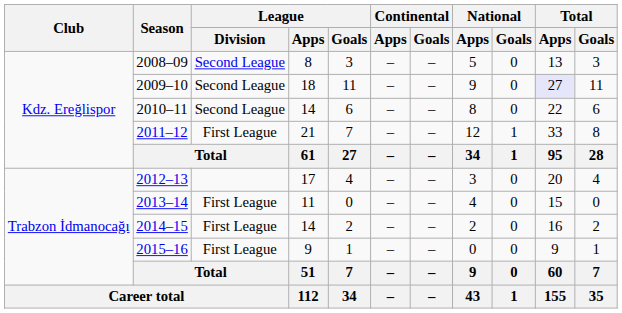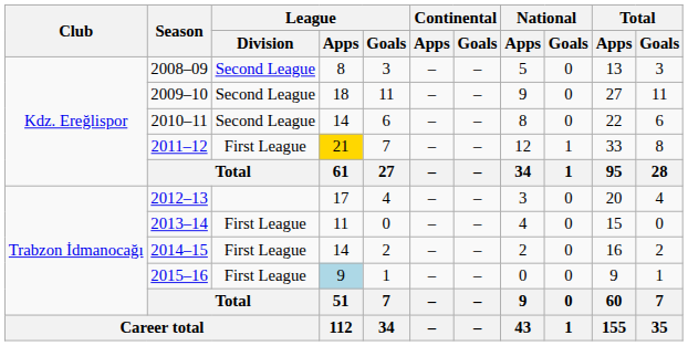 <table class="wikitable" style="text-align: center;">
 <tr>
 <th rowspan="2">Club</th>
 <th rowspan="2">Season</th>
 <th colspan="3">League</th>
 <th colspan="2">Continental</th>
 <th colspan="2">National</th>
 <th colspan="2">Total</th>
 </tr>
 <tr>
 <th>Division</th>
 <th>Apps</th>
 <th>Goals</th>
 <th>Apps</th>
 <th>Goals</th>
 <th>Apps</th>
 <th>Goals</th>
 <th>Apps</th>
 <th>Goals</th>
 </tr>
 <tr>
 <td rowspan=5><a href='#'>Kdz. Ereğlispor</a></td>
 <td>2008–09</td>
 <td><a href='#'>Second League</a></td>
 <td>8</td>
 <td>3</td>
 <td>–</td>
 <td>–</td>
 <td>5</td>
 <td>0</td>
 <td>13</td>
 <td>3</td>
 </tr>
 <tr>
 <td>2009–10</td>
 <td>Second League</td>
 <td>18</td>
 <td>11</td>
 <td>–</td>
 <td>–</td>
 <td>9</td>
 <td>0</td>
-<td style="background: lavender;">27</td>
+<td>27</td>
 <td>11</td>
 </tr>
 <tr>
 <td>2010–11</td>
 <td>Second League</td>
 <td>14</td>
 <td>6</td>
 <td>–</td>
 <td>–</td>
 <td>8</td>
 <td>0</td>
 <td>22</td>
 <td>6</td>
 </tr>
 <tr>
 <td><a href='#'>2011–12</a></td>
 <td>First League</td>
-<td>21</td>
+<td style="background: gold;">21</td>
 <td>7</td>
 <td>–</td>
 <td>–</td>
 <td>12</td>
 <td>1</td>
 <td>33</td>
 <td>8</td>
 </tr>
 <tr>
 <th colspan=2>Total</th>
 <th>61</th>
 <th>27</th>
 <th>–</th>
 <th>–</th>
 <th>34</th>
 <th>1</th>
 <th>95</th>
 <th>28</th>
 </tr>
 <tr>
 <td rowspan=5><a href='#'>Trabzon İdmanocağı</a></td>
 <td><a href='#'>2012–13</a></td>
 <td First League></td>
 <td>17</td>
 <td>4</td>
 <td>–</td>
 <td>–</td>
 <td>3</td>
 <td>0</td>
 <td>20</td>
 <td>4</td>
 </tr>
 <tr>
 <td><a href='#'>2013–14</a></td>
 <td>First League</td>
 <td>11</td>
 <td>0</td>
 <td>–</td>
 <td>–</td>
 <td>4</td>
 <td>0</td>
 <td>15</td>
 <td>0</td>
 </tr>
 <tr>
 <td><a href='#'>2014–15</a></td>
 <td>First League</td>
 <td>14</td>
 <td>2</td>
 <td>–</td>
 <td>–</td>
 <td>2</td>
 <td>0</td>
 <td>16</td>
 <td>2</td>
 </tr>
 <tr>
 <td><a href='#'>2015–16</a></td>
 <td>First League</td>
-<td>9</td>
+<td style="background: lightblue;">9</td>
 <td>1</td>
 <td>–</td>
 <td>–</td>
 <td>0</td>
 <td>0</td>
 <td>9</td>
 <td>1</td>
 </tr>
 <tr>
 <th colspan=2>Total</th>
 <th>51</th>
 <th>7</th>
 <th>–</th>
 <th>–</th>
 <th>9</th>
 <th>0</th>
 <th>60</th>
 <th>7</th>
 </tr>
 <tr>
 <th colspan=3>Career total</th>
 <th>112</th>
 <th>34</th>
 <th>–</th>
 <th>–</th>
 <th>43</th>
 <th>1</th>
 <th>155</th>
 <th>35</th>
 </tr>
 </table>
